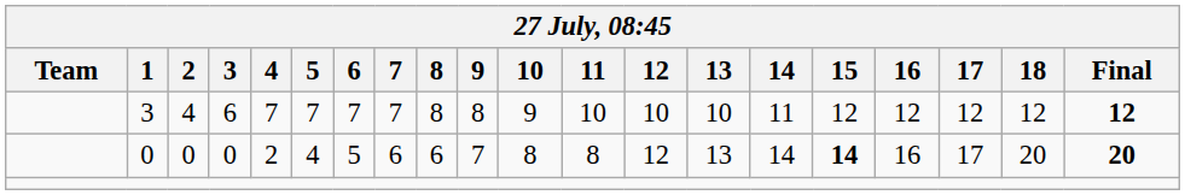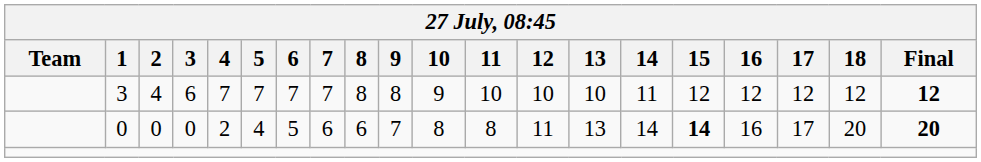 <table class=wikitable style="text-align:center; width: 55%">
 <tr>
 <th colspan=20><em>27 July, 08:45</em></th>
 </tr>
 <tr>
 <th>Team</th>
 <th>1</th>
 <th>2</th>
 <th>3</th>
 <th>4</th>
 <th>5</th>
 <th>6</th>
 <th>7</th>
 <th>8</th>
 <th>9</th>
 <th>10</th>
 <th>11</th>
 <th>12</th>
 <th>13</th>
 <th>14</th>
 <th>15</th>
 <th>16</th>
 <th>17</th>
 <th>18</th>
 <th>Final</th>
 </tr>
 <tr>
 <td align=left></td>
 <td>3</td>
 <td>4</td>
 <td>6</td>
 <td>7</td>
 <td>7</td>
 <td>7</td>
 <td>7</td>
 <td>8</td>
 <td>8</td>
 <td>9</td>
 <td>10</td>
 <td>10</td>
 <td>10</td>
 <td>11</td>
 <td>12</td>
 <td>12</td>
 <td>12</td>
 <td>12</td>
 <td><strong>12</strong></td>
 </tr>
 <tr>
 <td align=left><strong></strong></td>
 <td>0</td>
 <td>0</td>
 <td>0</td>
 <td>2</td>
 <td>4</td>
 <td>5</td>
 <td>6</td>
 <td>6</td>
 <td>7</td>
 <td>8</td>
 <td>8</td>
-<td>12</td>
+<td>11</td>
 <td>13</td>
 <td>14</td>
 <td><strong>14</strong></td>
 <td>16</td>
 <td>17</td>
 <td>20</td>
 <td><strong>20</strong></td>
 </tr>
 <tr>
 <td colspan=20></td>
 </tr>
 </table>
